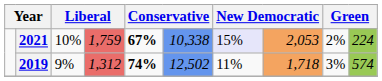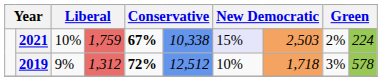 <table class="wikitable" style="width:400; font-size:90%; margin-left:1em;">
 <tr>
 <th colspan="2" scope="col">Year</th>
 <th colspan="2" scope="col"><a href='#'>Liberal</a></th>
 <th colspan="2" scope="col"><a href='#'>Conservative</a></th>
 <th colspan="2" scope="col"><a href='#'>New Democratic</a></th>
 <th colspan="2" scope="col"><a href='#'>Green</a></th>
 </tr>
 <tr>
 <td rowspan="2" style="width: 0.25em; background-color: "></td>
 <th><a href='#'>2021</a></th>
 <td>10%</td>
 <td style="text-align:right; background:#EA6D6A;"><em>1,759</em></td>
 <td><strong>67%</strong></td>
 <td style="text-align:right; background:#6495ED;"><em>10,338</em></td>
 <td style="background: lavender;">15%</td>
-<td style="text-align:right; background:#F4A460;"><em>2,053</em></td>
+<td style="text-align:right; background:#F4A460;"><em>2,503</em></td>
 <td>2%</td>
 <td style="text-align:right; background:#99C955;"><em>224</em></td>
 </tr>
 <tr>
 <th><a href='#'>2019</a></th>
 <td>9%</td>
 <td style="text-align:right; background:#EA6D6A;"><em>1,312</em></td>
-<td><strong>74%</strong></td>
-<td style="text-align:right; background:#6495ED;"><em>12,502</em></td>
-<td>11%</td>
+<td><strong>72%</strong></td>
+<td style="text-align:right; background:#6495ED;"><em>12,512</em></td>
+<td>10%</td>
 <td style="text-align:right; background:#F4A460;"><em>1,718</em></td>
 <td>3%</td>
-<td style="text-align:right; background:#99C955;"><em>574</em></td>
+<td style="text-align:right; background:#99C955;"><em>578</em></td>
 </tr>
 <tr>
 </tr>
 </table>
